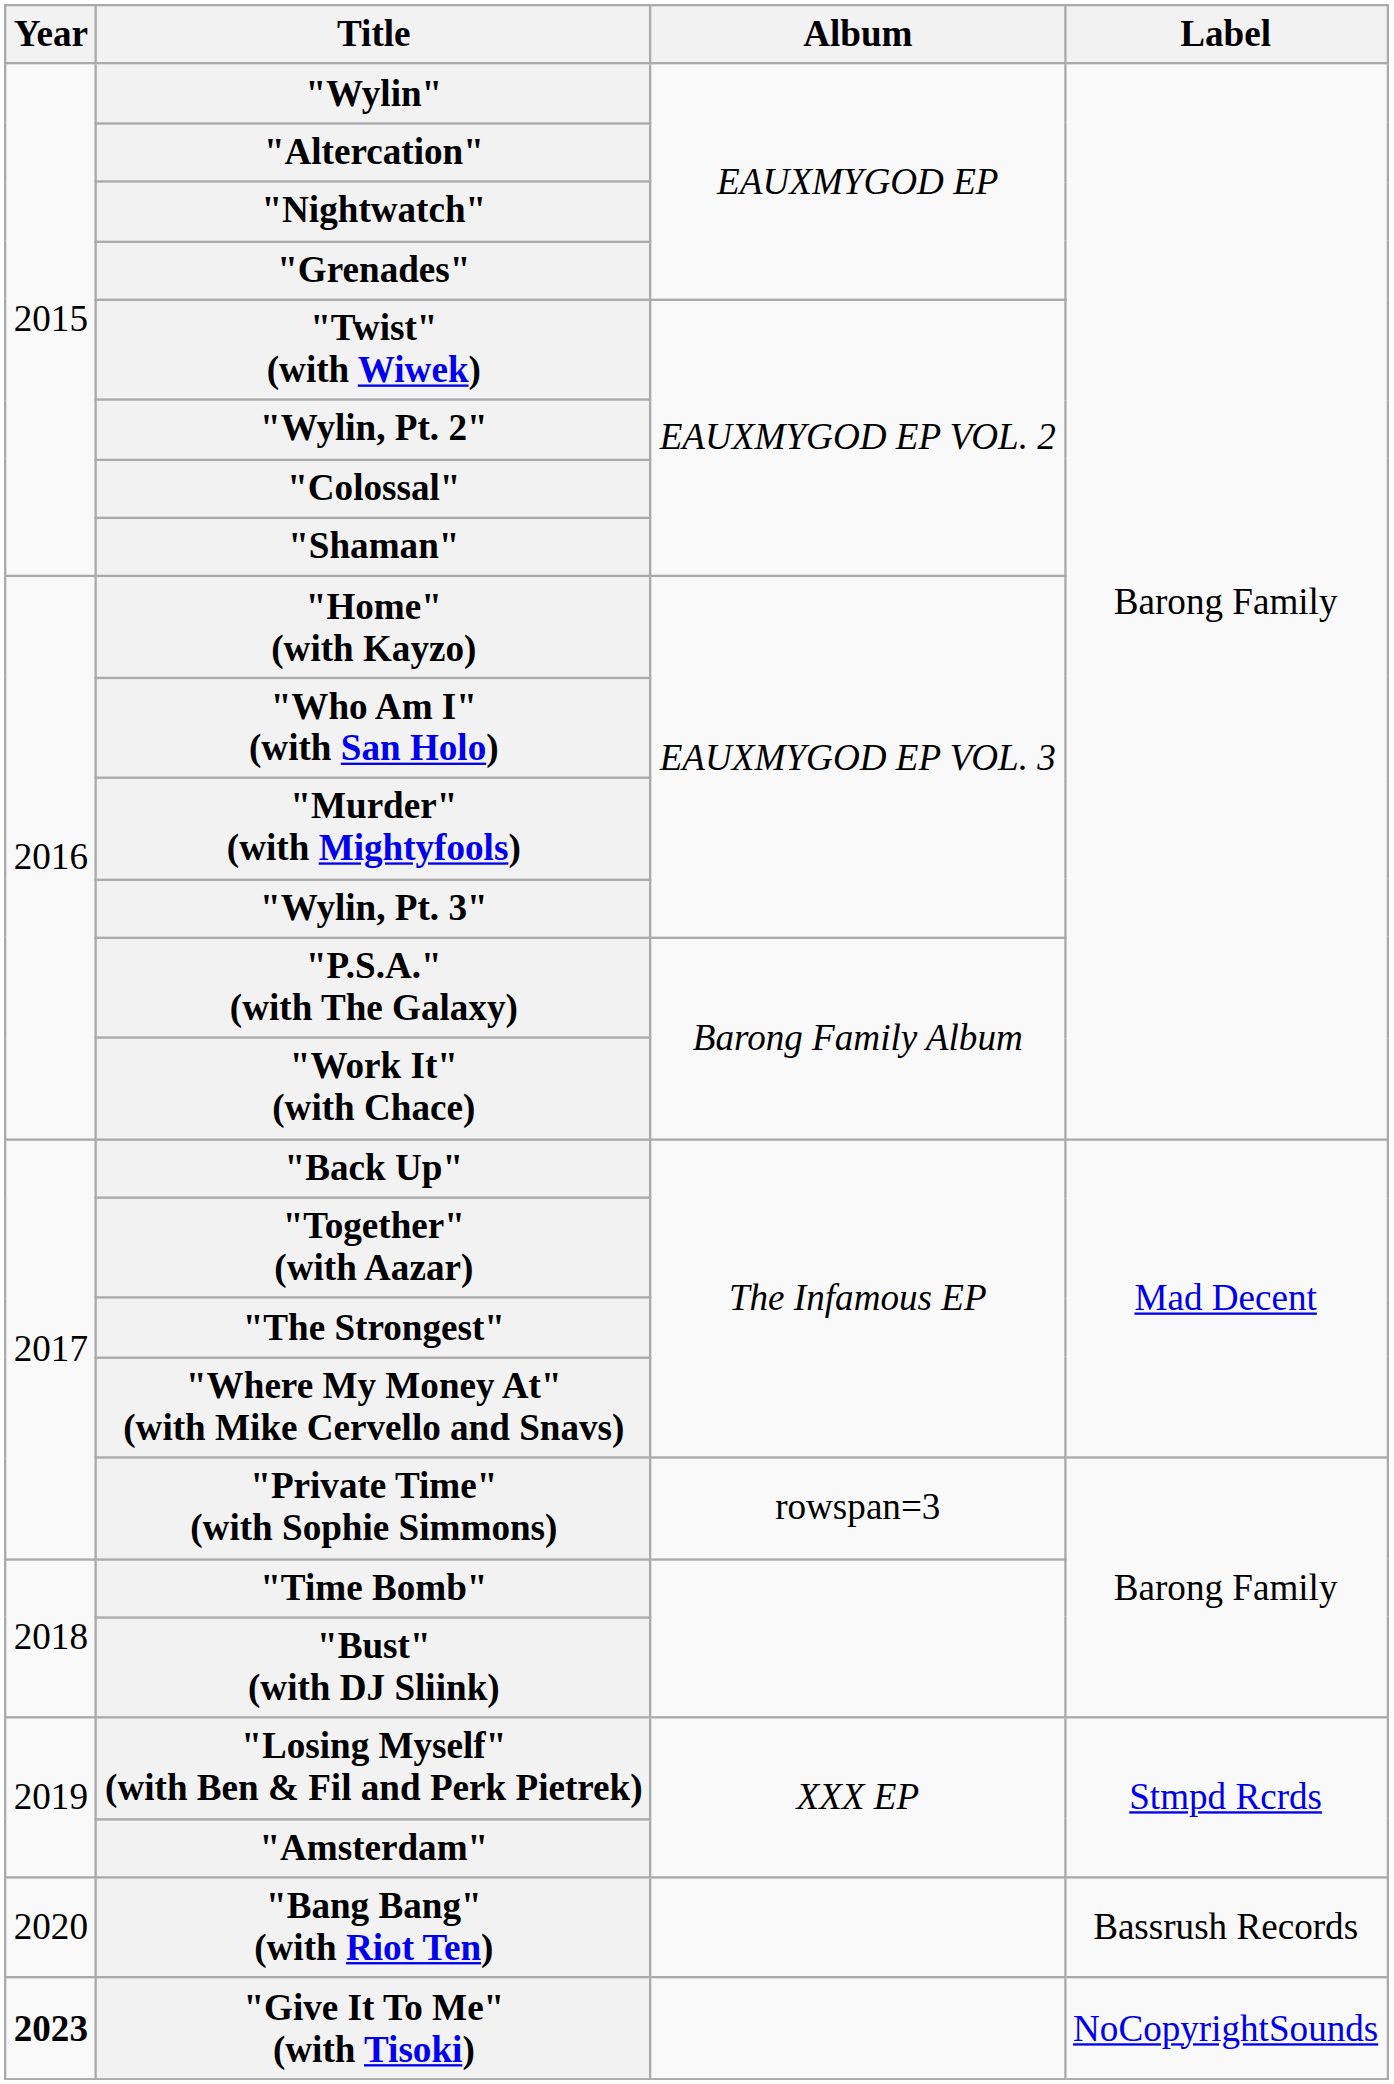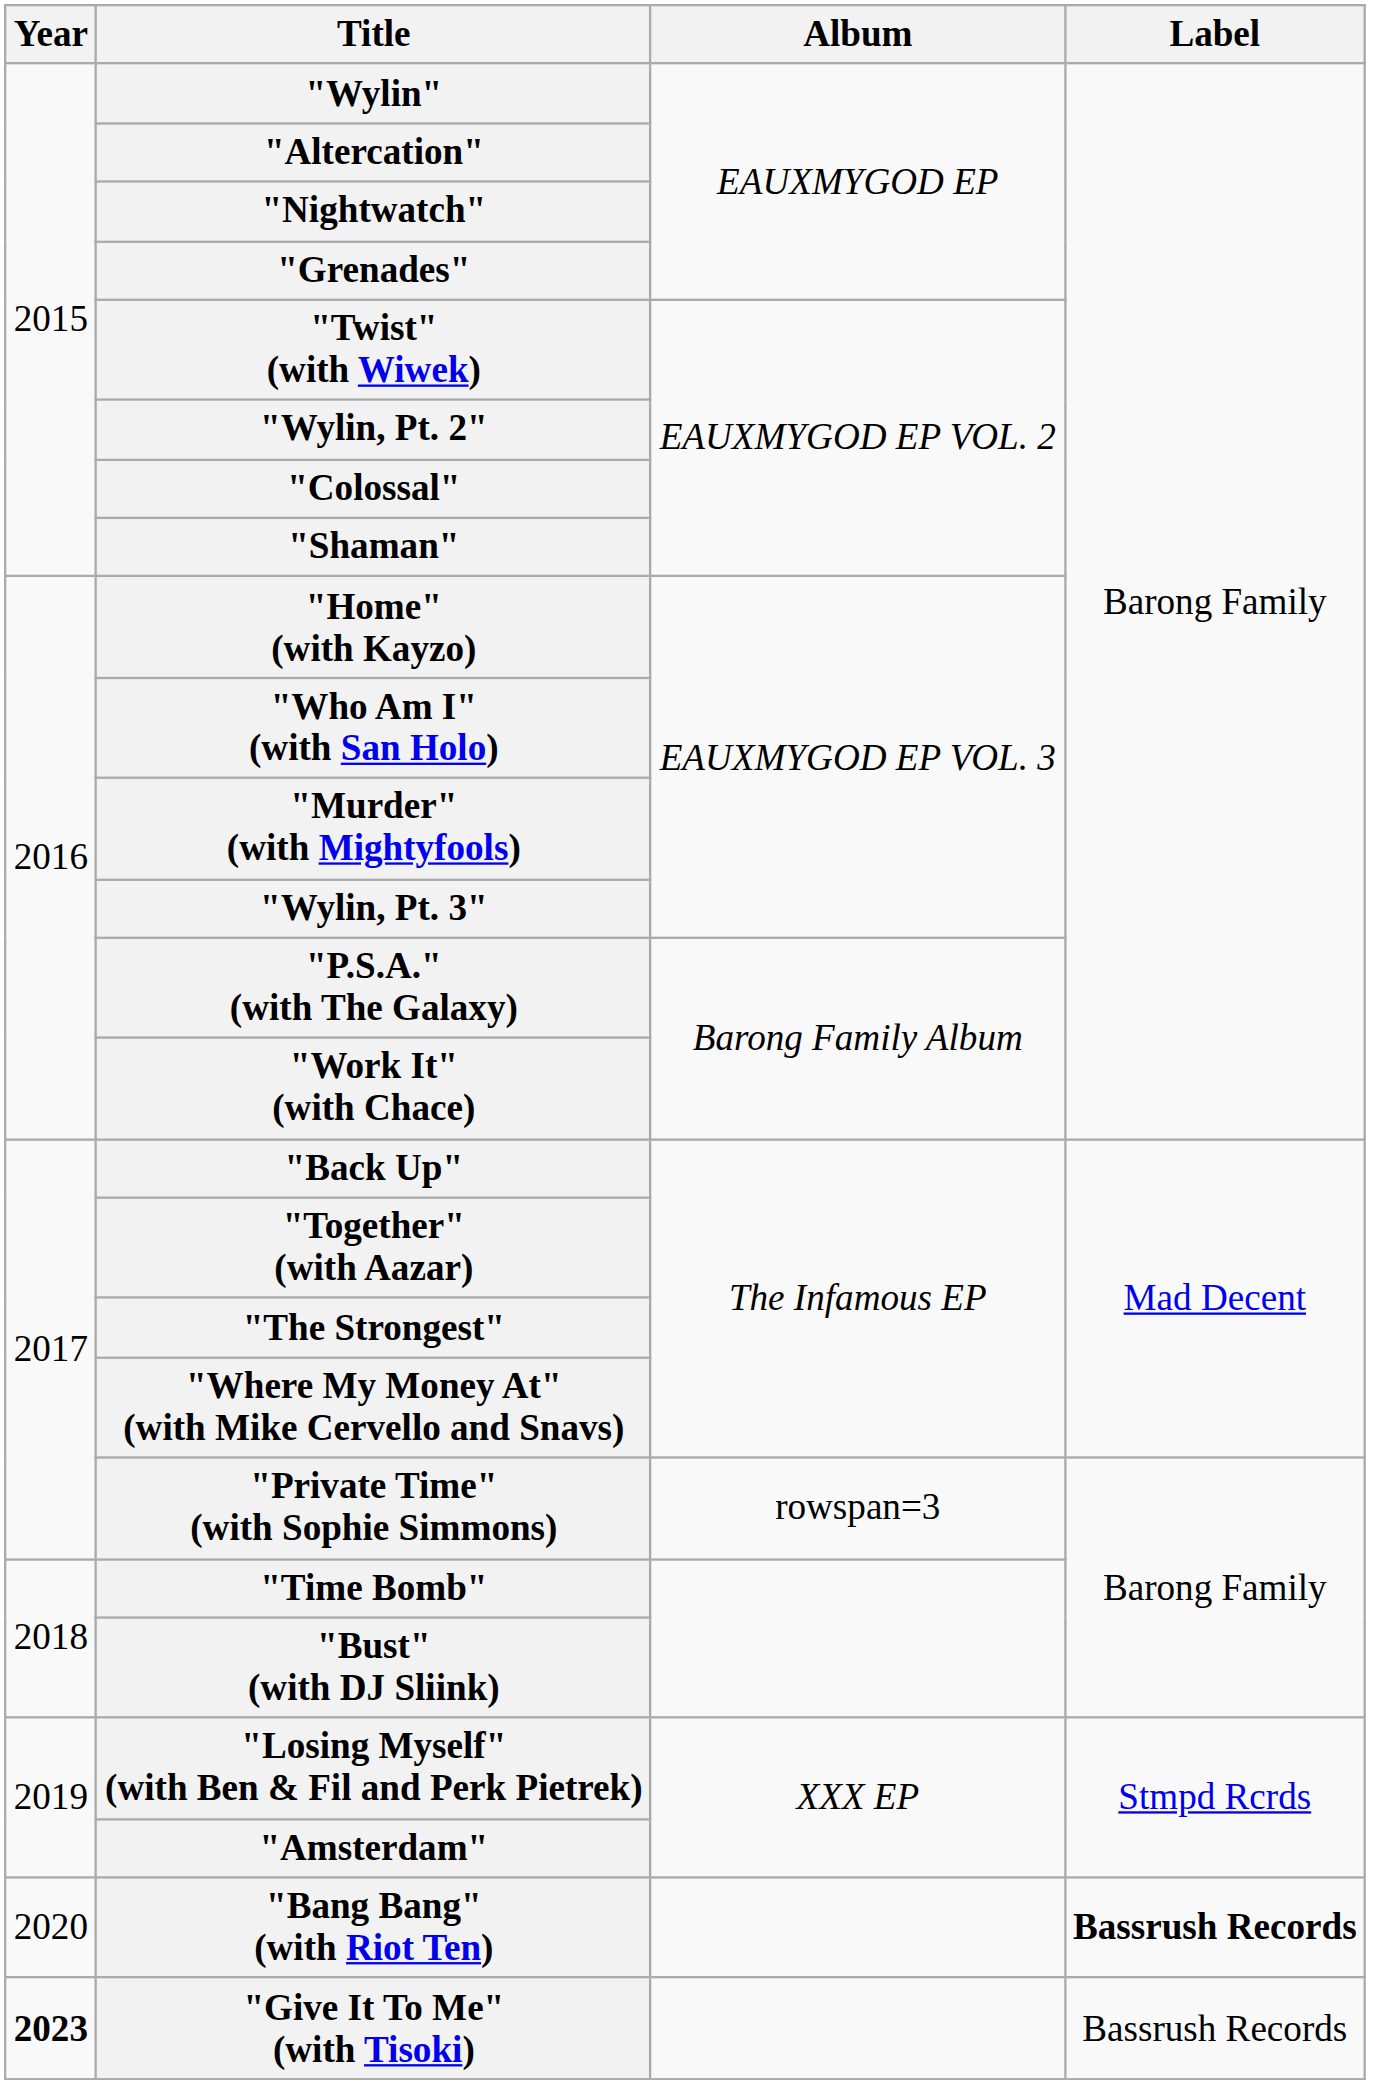 <table class="wikitable plainrowheaders" style="text-align:center;">
 <tr>
 <th>Year</th>
 <th>Title</th>
 <th>Album</th>
 <th>Label</th>
 </tr>
 <tr>
 <td rowspan="8">2015</td>
 <th scope="row">"Wylin"</th>
 <td rowspan="4"><em>EAUXMYGOD EP</em></td>
 <td rowspan="14">Barong Family</td>
 </tr>
 <tr>
 <th scope="row">"Altercation"</th>
 </tr>
 <tr>
 <th scope="row">"Nightwatch"</th>
 </tr>
 <tr>
 <th scope="row">"Grenades"</th>
 </tr>
 <tr>
 <th scope="row">"Twist" <br><span>(with <a href='#'>Wiwek</a>)</span></th>
 <td rowspan="4"><em>EAUXMYGOD EP VOL. 2</em></td>
 </tr>
 <tr>
 <th scope="row">"Wylin, Pt. 2"</th>
 </tr>
 <tr>
 <th scope="row">"Colossal"</th>
 </tr>
 <tr>
 <th scope="row">"Shaman"</th>
 </tr>
 <tr>
 <td rowspan="6">2016</td>
 <th scope="row">"Home" <br><span>(with Kayzo)</span></th>
 <td rowspan="4"><em>EAUXMYGOD EP VOL. 3</em></td>
 </tr>
 <tr>
 <th scope="row">"Who Am I"<br><span>(with <a href='#'>San Holo</a>)</span></th>
 </tr>
 <tr>
 <th scope="row">"Murder"<br><span>(with <a href='#'>Mightyfools</a>)</span></th>
 </tr>
 <tr>
 <th scope="row">"Wylin, Pt. 3"</th>
 </tr>
 <tr>
 <th scope="row">"P.S.A."<br><span>(with The Galaxy)</span></th>
 <td rowspan="2"><em>Barong Family Album</em></td>
 </tr>
 <tr>
 <th scope="row">"Work It"<br><span>(with Chace)</span></th>
 </tr>
 <tr>
 <td rowspan="5">2017</td>
 <th scope="row">"Back Up"</th>
 <td rowspan="4"><em>The Infamous EP</em></td>
 <td rowspan="4"><a href='#'>Mad Decent</a></td>
 </tr>
 <tr>
 <th scope="row">"Together"<br><span>(with Aazar)</span></th>
 </tr>
 <tr>
 <th scope="row">"The Strongest"</th>
 </tr>
 <tr>
 <th scope="row">"Where My Money At"<br><span>(with Mike Cervello and Snavs)</span></th>
 </tr>
 <tr>
 <th scope="row">"Private Time" <br><span>(with Sophie Simmons)</span></th>
 <td>rowspan=3 </td>
 <td rowspan=3>Barong Family</td>
 </tr>
 <tr>
 <td rowspan=2>2018</td>
 <th scope="row">"Time Bomb"</th>
 </tr>
 <tr>
 <th Scope="row">"Bust" <br><span>(with DJ Sliink)</span></th>
 </tr>
 <tr>
 <td rowspan=2>2019</td>
 <th scope="row">"Losing Myself"<br><span>(with Ben & Fil and Perk Pietrek)</span></th>
 <td rowspan=2><em>XXX EP</em></td>
 <td rowspan=2><a href='#'>Stmpd Rcrds</a></td>
 </tr>
 <tr>
 <th scope="row">"Amsterdam"</th>
 </tr>
 <tr>
 <td>2020</td>
 <th scope="row">"Bang Bang" <br><span>(with <a href='#'>Riot Ten</a>)</span></th>
 <td></td>
-<td>Bassrush Records</td>
+<td><strong>Bassrush Records</strong></td>
 </tr>
 <tr>
 <td><strong>2023</strong></td>
 <th scope="row">"Give It To Me"  <br><span>(with <a href='#'>Tisoki</a>)</span></th>
 <td></td>
-<td><a href='#'>NoCopyrightSounds</a></td>
+<td>Bassrush Records</td>
 </tr>
 </table>
